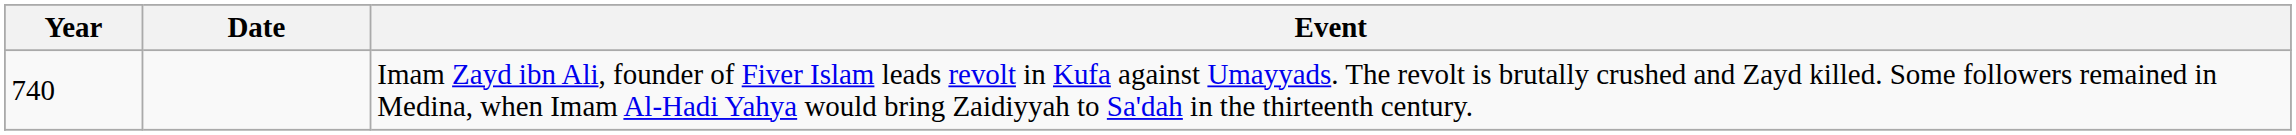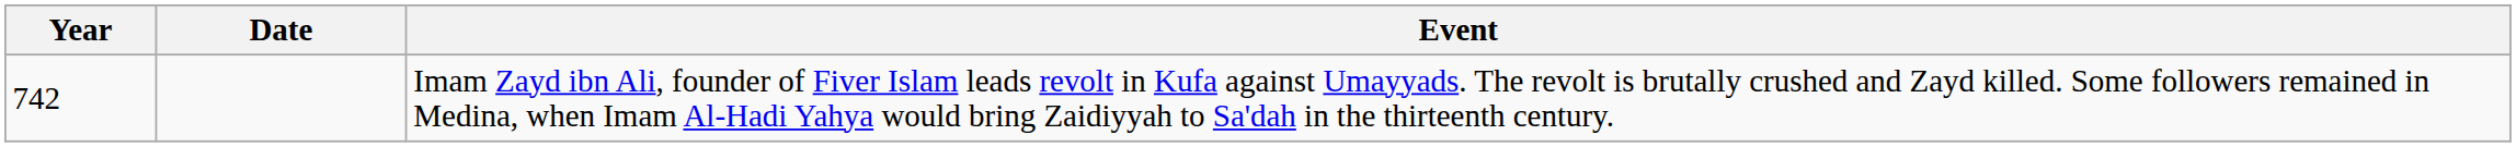 <table class="wikitable" width="100%">
 <tr>
 <th style="width:6%">Year</th>
 <th style="width:10%">Date</th>
 <th>Event</th>
 </tr>
 <tr>
-<td>740</td>
+<td>742</td>
 <td></td>
 <td>Imam <a href='#'>Zayd ibn Ali</a>, founder of <a href='#'>Fiver Islam</a> leads <a href='#'>revolt</a> in <a href='#'>Kufa</a> against <a href='#'>Umayyads</a>. The revolt is brutally crushed and Zayd killed. Some followers remained in Medina, when Imam <a href='#'>Al-Hadi Yahya</a> would bring Zaidiyyah to <a href='#'>Sa'dah</a> in the thirteenth century.</td>
 </tr>
 </table>
